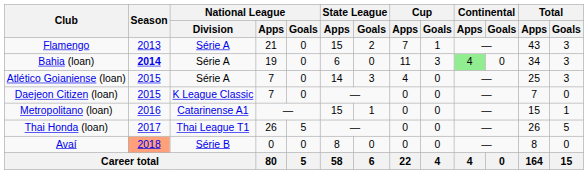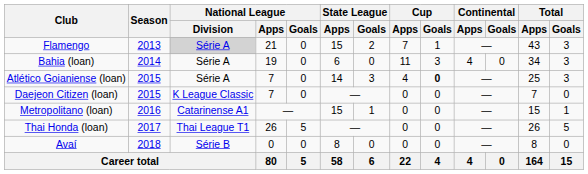 <table class="wikitable" style="text-align: center;">
 <tr>
 <th rowspan="2">Club</th>
 <th rowspan="2">Season</th>
 <th colspan="3">National League</th>
 <th colspan="2">State League</th>
 <th colspan="2">Cup</th>
 <th colspan="2">Continental</th>
 <th colspan="2">Total</th>
 </tr>
 <tr>
 <th>Division</th>
 <th>Apps</th>
 <th>Goals</th>
 <th>Apps</th>
 <th>Goals</th>
 <th>Apps</th>
 <th>Goals</th>
 <th>Apps</th>
 <th>Goals</th>
 <th>Apps</th>
 <th>Goals</th>
 </tr>
 <tr>
 <td rowspan="1"><a href='#'>Flamengo</a></td>
 <td><a href='#'>2013</a></td>
-<td><a href='#'>Série A</a></td>
+<td style="background: lightgrey;"><a href='#'>Série A</a></td>
 <td>21</td>
 <td>0</td>
 <td>15</td>
 <td>2</td>
 <td>7</td>
 <td>1</td>
 <td colspan="2">—</td>
 <td>43</td>
 <td>3</td>
 </tr>
 <tr>
 <td rowspan="1"><a href='#'>Bahia</a> (loan)</td>
-<td><strong><a href='#'>2014</a></strong></td>
+<td><a href='#'>2014</a></td>
 <td>Série A</td>
 <td>19</td>
 <td>0</td>
 <td>6</td>
 <td>0</td>
 <td>11</td>
 <td>3</td>
-<td style="background: lightgreen;">4</td>
+<td>4</td>
 <td>0</td>
 <td>34</td>
 <td>3</td>
 </tr>
 <tr>
 <td><a href='#'>Atlético Goianiense</a> (loan)</td>
 <td><a href='#'>2015</a></td>
 <td>Série A</td>
 <td>7</td>
 <td>0</td>
 <td>14</td>
 <td>3</td>
 <td>4</td>
-<td>0</td>
+<td><strong>0</strong></td>
 <td colspan="2">—</td>
 <td>25</td>
 <td>3</td>
 </tr>
 <tr>
 <td><a href='#'>Daejeon Citizen</a> (loan)</td>
 <td><a href='#'>2015</a></td>
 <td><a href='#'>K League Classic</a></td>
 <td>7</td>
 <td>0</td>
 <td colspan="2">—</td>
 <td>0</td>
 <td>0</td>
 <td colspan="2">—</td>
 <td>7</td>
 <td>0</td>
 </tr>
 <tr>
 <td><a href='#'>Metropolitano</a> (loan)</td>
 <td><a href='#'>2016</a></td>
 <td><a href='#'>Catarinense A1</a></td>
 <td colspan="2">—</td>
 <td>15</td>
 <td>1</td>
 <td>0</td>
 <td>0</td>
 <td colspan="2">—</td>
 <td>15</td>
 <td>1</td>
 </tr>
 <tr>
 <td><a href='#'>Thai Honda</a> (loan)</td>
 <td><a href='#'>2017</a></td>
 <td><a href='#'>Thai League T1</a></td>
 <td>26</td>
 <td>5</td>
 <td colspan="2">—</td>
 <td>0</td>
 <td>0</td>
 <td colspan="2">—</td>
 <td>26</td>
 <td>5</td>
 </tr>
 <tr>
 <td><a href='#'>Avaí</a></td>
-<td style="background: lightsalmon;"><a href='#'>2018</a></td>
+<td><a href='#'>2018</a></td>
 <td><a href='#'>Série B</a></td>
 <td>0</td>
 <td>0</td>
 <td>8</td>
 <td>0</td>
 <td>0</td>
 <td>0</td>
 <td colspan="2">—</td>
 <td>8</td>
 <td>0</td>
 </tr>
 <tr>
 <th colspan="3">Career total</th>
 <th>80</th>
 <th>5</th>
 <th>58</th>
 <th>6</th>
 <th>22</th>
 <th>4</th>
 <th>4</th>
 <th>0</th>
 <th>164</th>
 <th>15</th>
 </tr>
 </table>
